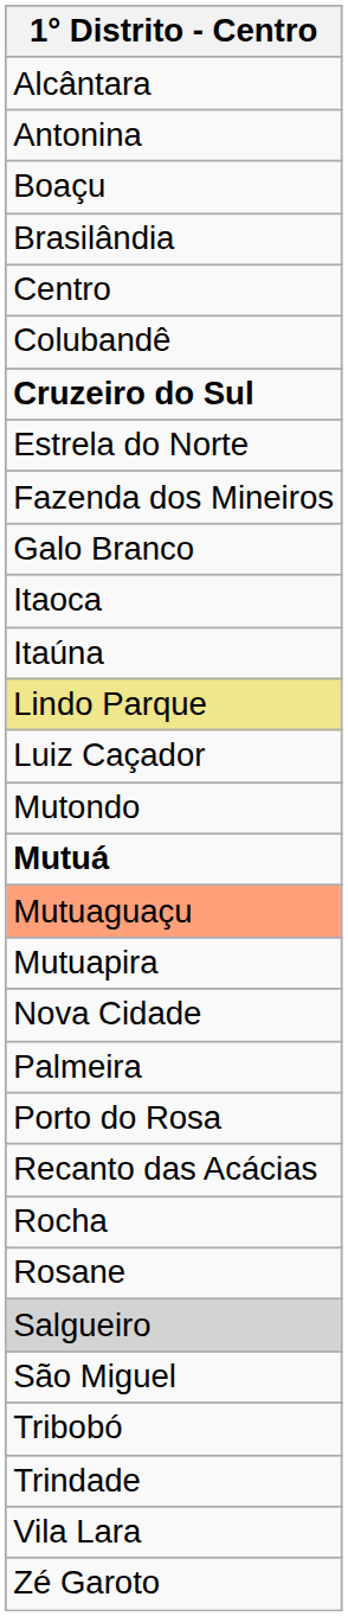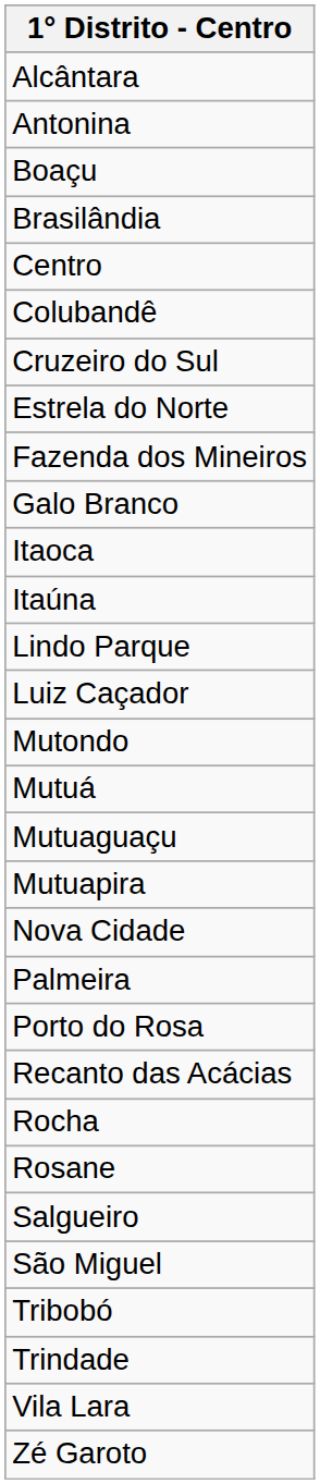 <table class="wikitable">
 <tr>
 <th>1° Distrito - Centro</th>
 </tr>
 <tr>
 <td>Alcântara</td>
 </tr>
 <tr>
 <td>Antonina</td>
 </tr>
 <tr>
 <td>Boaçu</td>
 </tr>
 <tr>
 <td>Brasilândia</td>
 </tr>
 <tr>
 <td>Centro</td>
 </tr>
 <tr>
 <td>Colubandê</td>
 </tr>
 <tr>
-<td><strong>Cruzeiro do Sul</strong></td>
+<td>Cruzeiro do Sul</td>
 </tr>
 <tr>
 <td>Estrela do Norte</td>
 </tr>
 <tr>
 <td>Fazenda dos Mineiros</td>
 </tr>
 <tr>
 <td>Galo Branco</td>
 </tr>
 <tr>
 <td>Itaoca</td>
 </tr>
 <tr>
 <td>Itaúna</td>
 </tr>
 <tr>
-<td style="background: khaki;">Lindo Parque</td>
+<td>Lindo Parque</td>
 </tr>
 <tr>
 <td>Luiz Caçador</td>
 </tr>
 <tr>
 <td>Mutondo</td>
 </tr>
 <tr>
-<td><strong>Mutuá</strong></td>
+<td>Mutuá</td>
 </tr>
 <tr>
-<td style="background: lightsalmon;">Mutuaguaçu</td>
+<td>Mutuaguaçu</td>
 </tr>
 <tr>
 <td>Mutuapira</td>
 </tr>
 <tr>
 <td>Nova Cidade</td>
 </tr>
 <tr>
 <td>Palmeira</td>
 </tr>
 <tr>
 <td>Porto do Rosa</td>
 </tr>
 <tr>
 <td>Recanto das Acácias</td>
 </tr>
 <tr>
 <td>Rocha</td>
 </tr>
 <tr>
 <td>Rosane</td>
 </tr>
 <tr>
-<td style="background: lightgrey;">Salgueiro</td>
+<td>Salgueiro</td>
 </tr>
 <tr>
 <td>São Miguel</td>
 </tr>
 <tr>
 <td>Tribobó</td>
 </tr>
 <tr>
 <td>Trindade</td>
 </tr>
 <tr>
 <td>Vila Lara</td>
 </tr>
 <tr>
 <td>Zé Garoto</td>
 </tr>
 </table>
